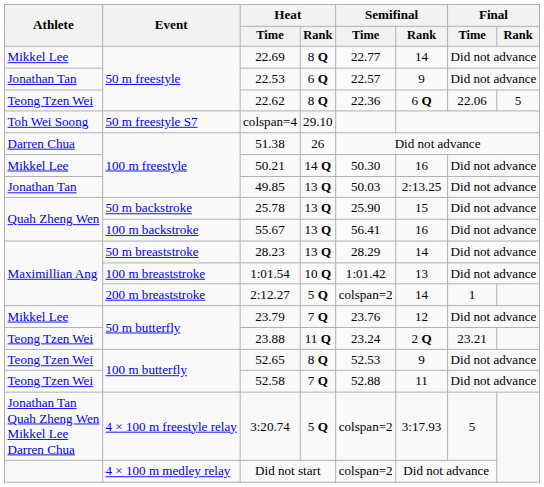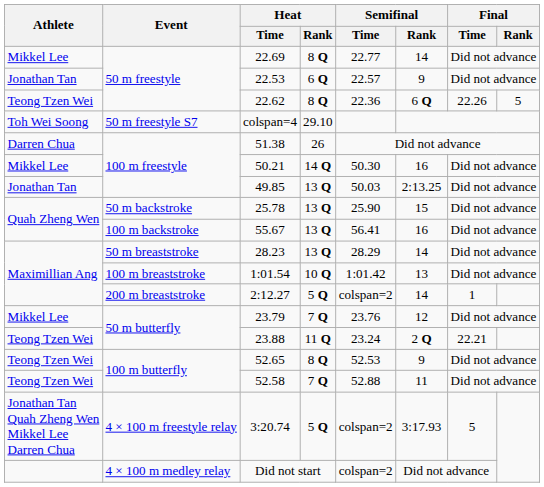 <table class=wikitable style=font-size:90%>
 <tr>
 <th rowspan=2>Athlete</th>
 <th rowspan=2>Event</th>
 <th colspan=2>Heat</th>
 <th colspan=2>Semifinal</th>
 <th colspan=2>Final</th>
 </tr>
 <tr style=font-size:95%>
 <th>Time</th>
 <th>Rank</th>
 <th>Time</th>
 <th>Rank</th>
 <th>Time</th>
 <th>Rank</th>
 </tr>
 <tr align=center>
 <td align=left><a href='#'>Mikkel Lee</a></td>
 <td align=left rowspan="3"><a href='#'>50 m freestyle</a></td>
 <td>22.69</td>
 <td>8 <strong>Q</strong></td>
 <td>22.77</td>
 <td>14</td>
 <td colspan=4>Did not advance</td>
 </tr>
 <tr align=center>
 <td align=left><a href='#'>Jonathan Tan</a></td>
 <td>22.53</td>
 <td>6 <strong>Q</strong></td>
 <td>22.57</td>
 <td>9</td>
 <td colspan=4>Did not advance</td>
 </tr>
 <tr align=center>
 <td align=left><a href='#'>Teong Tzen Wei</a></td>
 <td>22.62</td>
 <td>8 <strong>Q</strong></td>
 <td>22.36</td>
 <td>6 <strong>Q</strong></td>
-<td>22.06</td>
+<td>22.26</td>
 <td>5</td>
 </tr>
 <tr align=center>
 <td align=left><a href='#'>Toh Wei Soong</a></td>
 <td align=left rowspan="1"><a href='#'>50 m freestyle S7</a></td>
 <td>colspan=4 </td>
 <td>29.10</td>
 <td></td>
 </tr>
 <tr align=center>
 <td align=left><a href='#'>Darren Chua</a></td>
 <td align=left rowspan="3"><a href='#'>100 m freestyle</a></td>
 <td>51.38</td>
 <td>26</td>
 <td colspan=4>Did not advance</td>
 </tr>
 <tr align=center>
 <td align=left><a href='#'>Mikkel Lee</a></td>
 <td>50.21</td>
 <td>14 <strong>Q</strong></td>
 <td>50.30</td>
 <td>16</td>
 <td colspan=2>Did not advance</td>
 </tr>
 <tr align=center>
 <td align=left><a href='#'>Jonathan Tan</a></td>
 <td>49.85</td>
 <td>13 <strong>Q</strong></td>
 <td>50.03</td>
 <td>2:13.25</td>
 <td colspan=2>Did not advance</td>
 </tr>
 <tr align=center>
 <td align=left rowspan=2><a href='#'>Quah Zheng Wen</a></td>
 <td style="text-align:left;"><a href='#'>50 m backstroke</a></td>
 <td>25.78</td>
 <td>13 <strong>Q</strong></td>
 <td>25.90</td>
 <td>15</td>
 <td colspan=2>Did not advance</td>
 </tr>
 <tr align=center>
 <td style="text-align:left;"><a href='#'>100 m backstroke</a></td>
 <td>55.67</td>
 <td>13 <strong>Q</strong></td>
 <td>56.41</td>
 <td>16</td>
 <td colspan=2>Did not advance</td>
 </tr>
 <tr align=center>
 <td align=left rowspan=3><a href='#'>Maximillian Ang</a></td>
 <td align=left><a href='#'>50 m breaststroke</a></td>
 <td>28.23</td>
 <td>13 <strong>Q</strong></td>
 <td>28.29</td>
 <td>14</td>
 <td colspan=2>Did not advance</td>
 </tr>
 <tr align=center>
 <td align=left rowspan="1"><a href='#'>100 m breaststroke</a></td>
 <td>1:01.54</td>
 <td>10 <strong>Q</strong></td>
 <td>1:01.42</td>
 <td>13</td>
 <td colspan=2>Did not advance</td>
 </tr>
 <tr align=center>
 <td align=left rowspan="1"><a href='#'>200 m breaststroke</a></td>
 <td>2:12.27</td>
 <td>5 <strong>Q</strong></td>
 <td>colspan=2 </td>
 <td>14</td>
 <td>1</td>
 </tr>
 <tr align=center>
 <td align=left><a href='#'>Mikkel Lee</a></td>
 <td align=left rowspan="2"><a href='#'>50 m butterfly</a></td>
 <td>23.79</td>
 <td>7 <strong>Q</strong></td>
 <td>23.76</td>
 <td>12</td>
 <td colspan=2>Did not advance</td>
 </tr>
 <tr align=center>
 <td align=left><a href='#'>Teong Tzen Wei</a></td>
 <td>23.88</td>
 <td>11 <strong>Q</strong></td>
 <td>23.24</td>
 <td>2 <strong>Q</strong></td>
-<td>23.21</td>
+<td>22.21</td>
 <td></td>
 </tr>
 <tr align=center>
 <td align=left><a href='#'>Teong Tzen Wei</a></td>
 <td align=left rowspan="2"><a href='#'>100 m butterfly</a></td>
 <td>52.65</td>
 <td>8 <strong>Q</strong></td>
 <td>52.53</td>
 <td>9</td>
 <td colspan=2>Did not advance</td>
 </tr>
 <tr align=center>
 <td align=left><a href='#'>Teong Tzen Wei</a></td>
 <td>52.58</td>
 <td>7 <strong>Q</strong></td>
 <td>52.88</td>
 <td>11</td>
 <td colspan=2>Did not advance</td>
 </tr>
 <tr align=center>
 <td align=left><a href='#'>Jonathan Tan</a><br><a href='#'>Quah Zheng Wen</a><br><a href='#'>Mikkel Lee</a><br><a href='#'>Darren Chua</a></td>
 <td align=left><a href='#'>4 × 100 m freestyle relay</a></td>
 <td>3:20.74</td>
 <td>5 <strong>Q</strong></td>
 <td>colspan=2 </td>
 <td>3:17.93</td>
 <td>5</td>
 </tr>
 <tr align=center>
 <td align=left></td>
 <td align=left><a href='#'>4 × 100 m medley relay</a></td>
 <td colspan=2>Did not start</td>
 <td>colspan=2 </td>
 <td colspan=2>Did not advance</td>
 </tr>
 </table>
